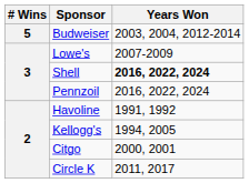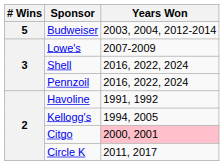 <table class="wikitable" style="font-size: 95%;">
 <tr>
 <th># Wins</th>
 <th>Sponsor</th>
 <th>Years Won</th>
 </tr>
 <tr>
 <th>5</th>
 <td><a href='#'>Budweiser</a></td>
 <td>2003, 2004, 2012-2014</td>
 </tr>
 <tr>
 <th rowspan="3">3</th>
 <td><a href='#'>Lowe's</a></td>
 <td>2007-2009</td>
 </tr>
 <tr>
 <td><a href='#'>Shell</a></td>
-<td><strong>2016, 2022, 2024</strong></td>
+<td>2016, 2022, 2024</td>
 </tr>
 <tr>
 <td><a href='#'>Pennzoil</a></td>
 <td>2016, 2022, 2024</td>
 </tr>
 <tr>
 <th rowspan="4">2</th>
 <td><a href='#'>Havoline</a></td>
 <td>1991, 1992</td>
 </tr>
 <tr>
 <td><a href='#'>Kellogg's</a></td>
 <td>1994, 2005</td>
 </tr>
 <tr>
 <td><a href='#'>Citgo</a></td>
-<td>2000, 2001</td>
+<td style="background: pink;">2000, 2001</td>
 </tr>
 <tr>
 <td><a href='#'>Circle K</a></td>
 <td>2011, 2017</td>
 </tr>
 </table>
